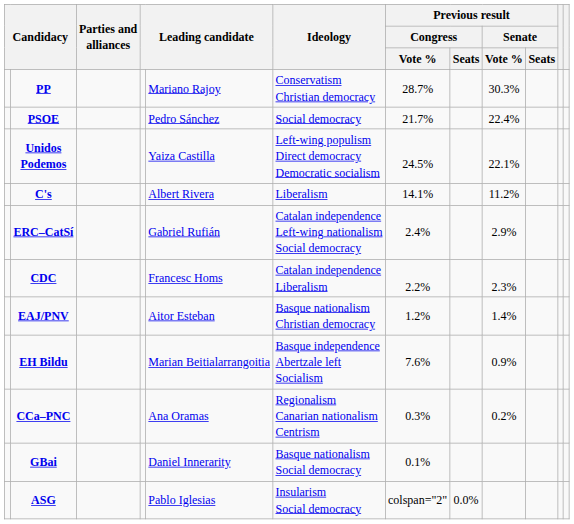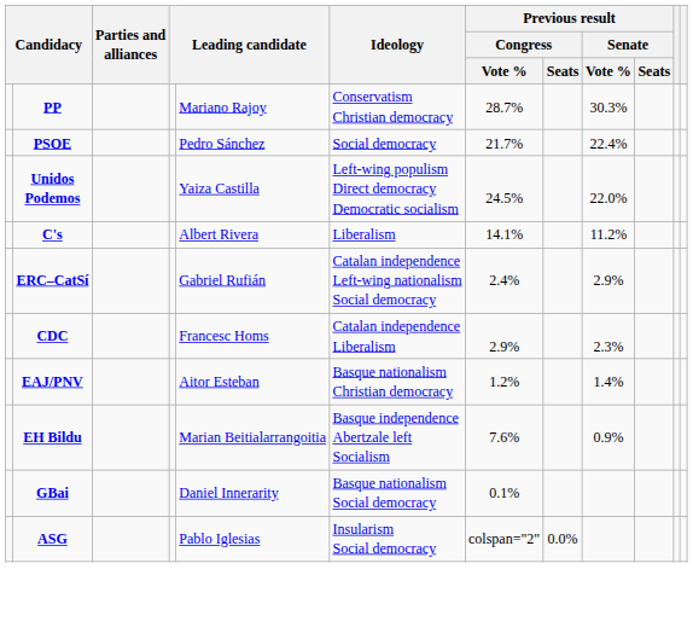 <table class="wikitable" style="line-height:1.35em; text-align:left;">
 <tr>
 <th colspan="2" rowspan="3">Candidacy</th>
 <th rowspan="3">Parties and<br>alliances</th>
 <th colspan="2" rowspan="3">Leading candidate</th>
 <th rowspan="3">Ideology</th>
 <th colspan="4">Previous result</th>
 <th rowspan="3"></th>
 <th rowspan="3"></th>
 </tr>
 <tr>
 <th colspan="2">Congress</th>
 <th colspan="2">Senate</th>
 </tr>
 <tr>
 <th>Vote %</th>
 <th>Seats</th>
 <th>Vote %</th>
 <th>Seats</th>
 </tr>
 <tr>
 <td width="1" style="color:inherit;background:"></td>
 <td align="center"><strong><a href='#'>PP</a></strong></td>
 <td></td>
 <td></td>
 <td><a href='#'>Mariano Rajoy</a></td>
 <td><a href='#'>Conservatism</a><br><a href='#'>Christian democracy</a></td>
 <td align="center">28.7%</td>
 <td></td>
 <td align="center">30.3%</td>
 <td></td>
 <td></td>
 <td></td>
 </tr>
 <tr>
 <td style="color:inherit;background:"></td>
 <td align="center"><strong><a href='#'>PSOE</a></strong></td>
 <td></td>
 <td></td>
 <td><a href='#'>Pedro Sánchez</a></td>
 <td><a href='#'>Social democracy</a></td>
 <td align="center">21.7%</td>
 <td></td>
 <td align="center">22.4%</td>
 <td></td>
 <td></td>
 <td></td>
 </tr>
 <tr>
 <td style="color:inherit;background:"></td>
 <td align="center"><strong><a href='#'>Unidos<br>Podemos</a></strong></td>
 <td></td>
 <td></td>
 <td><a href='#'>Yaiza Castilla</a></td>
 <td><a href='#'>Left-wing populism</a><br><a href='#'>Direct democracy</a><br><a href='#'>Democratic socialism</a></td>
 <td align="center"><br>24.5%<br></td>
 <td></td>
-<td align="center"><br>22.1%<br></td>
+<td align="center"><br>22.0%<br></td>
 <td></td>
 <td></td>
 <td></td>
 </tr>
 <tr>
 <td style="color:inherit;background:"></td>
 <td align="center"><strong><a href='#'>C's</a></strong></td>
 <td></td>
 <td></td>
 <td><a href='#'>Albert Rivera</a></td>
 <td><a href='#'>Liberalism</a></td>
 <td align="center">14.1%</td>
 <td></td>
 <td align="center">11.2%</td>
 <td></td>
 <td></td>
 </tr>
 <tr>
 <td style="color:inherit;background:"></td>
 <td align="center"><strong><a href='#'>ERC–CatSí</a></strong></td>
 <td></td>
 <td></td>
 <td><a href='#'>Gabriel Rufián</a></td>
 <td><a href='#'>Catalan independence</a><br><a href='#'>Left-wing nationalism</a><br><a href='#'>Social democracy</a></td>
 <td align="center">2.4%</td>
 <td></td>
 <td align="center">2.9%</td>
 <td></td>
 <td></td>
 <td></td>
 </tr>
 <tr>
 <td style="color:inherit;background:"></td>
 <td align="center"><strong><a href='#'>CDC</a></strong></td>
 <td></td>
 <td></td>
 <td><a href='#'>Francesc Homs</a></td>
 <td><a href='#'>Catalan independence</a><br><a href='#'>Liberalism</a></td>
-<td align="center"><br>2.2%<br></td>
+<td align="center"><br>2.9%<br></td>
 <td></td>
 <td align="center"><br>2.3%<br></td>
 <td></td>
 <td></td>
 <td></td>
 </tr>
 <tr>
 <td style="color:inherit;background:"></td>
 <td align="center"><strong><a href='#'>EAJ/PNV</a></strong></td>
 <td></td>
 <td></td>
 <td><a href='#'>Aitor Esteban</a></td>
 <td><a href='#'>Basque nationalism</a><br><a href='#'>Christian democracy</a></td>
 <td align="center">1.2%</td>
 <td></td>
 <td align="center">1.4%</td>
 <td></td>
 <td></td>
 <td></td>
 </tr>
 <tr>
 <td style="color:inherit;background:"></td>
 <td align="center"><strong><a href='#'>EH Bildu</a></strong></td>
 <td></td>
 <td></td>
 <td><a href='#'>Marian Beitialarrangoitia</a></td>
 <td><a href='#'>Basque independence</a><br><a href='#'>Abertzale left</a><br><a href='#'>Socialism</a></td>
 <td align="center">7.6%</td>
 <td></td>
 <td align="center">0.9%</td>
 <td></td>
 <td></td>
 <td></td>
 </tr>
 <tr>
 <td style="color:inherit;background:"></td>
-<td align="center"><strong><a href='#'>CCa–PNC</a></strong></td>
-<td></td>
-<td></td>
-<td><a href='#'>Ana Oramas</a></td>
-<td><a href='#'>Regionalism</a><br><a href='#'>Canarian nationalism</a><br><a href='#'>Centrism</a></td>
-<td align="center">0.3%</td>
-<td></td>
-<td align="center">0.2%</td>
-<td></td>
-<td></td>
-<td></td>
-</tr>
-<tr>
-<td style="color:inherit;background:"></td>
 <td align="center"><strong><a href='#'>GBai</a></strong></td>
 <td></td>
 <td></td>
 <td><a href='#'>Daniel Innerarity</a></td>
 <td><a href='#'>Basque nationalism</a><br><a href='#'>Social democracy</a></td>
 <td align="center">0.1%</td>
 <td></td>
 <td align="center"></td>
 <td></td>
 <td></td>
 <td></td>
 </tr>
 <tr>
 <td style="color:inherit;background:"></td>
 <td align="center"><strong><a href='#'>ASG</a></strong></td>
 <td></td>
 <td></td>
 <td><a href='#'>Pablo Iglesias</a></td>
 <td><a href='#'>Insularism</a><br><a href='#'>Social democracy</a></td>
 <td>colspan="2" </td>
 <td align="center">0.0%</td>
 <td></td>
 <td></td>
 <td></td>
 </tr>
 </table>
